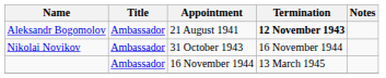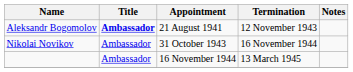 <table class="wikitable">
 <tr valign="middle">
 <th>Name</th>
 <th>Title</th>
 <th>Appointment</th>
 <th>Termination</th>
 <th>Notes</th>
 </tr>
 <tr>
 <td><a href='#'>Aleksandr Bogomolov</a></td>
-<td><a href='#'>Ambassador</a></td>
+<td><strong><a href='#'>Ambassador</a></strong></td>
 <td>21 August 1941</td>
-<td><strong>12 November 1943</strong></td>
+<td>12 November 1943</td>
 <td></td>
 </tr>
 <tr>
 <td><a href='#'>Nikolai Novikov</a></td>
 <td><a href='#'>Ambassador</a></td>
 <td>31 October 1943</td>
 <td>16 November 1944</td>
 <td></td>
 </tr>
 <tr>
 <td></td>
 <td><a href='#'>Ambassador</a></td>
 <td>16 November 1944</td>
 <td>13 March 1945</td>
 <td></td>
 </tr>
 <tr>
 </tr>
 </table>
